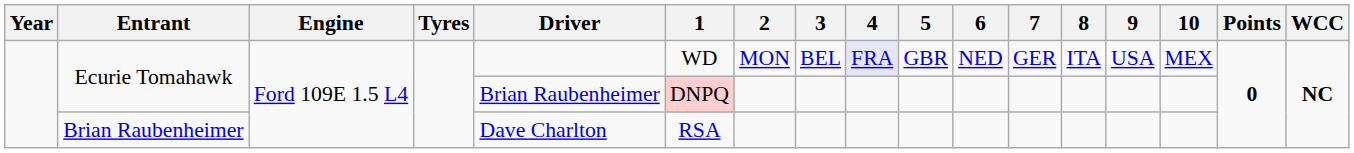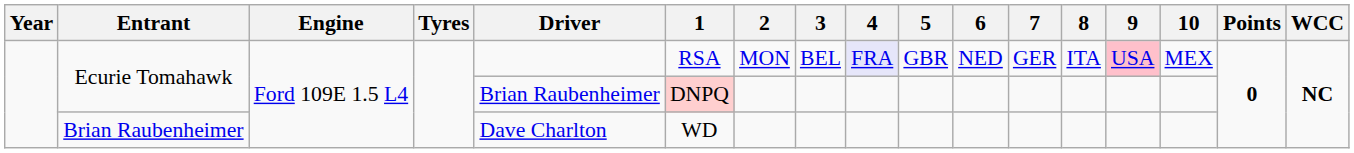 <table class="wikitable" style="text-align:center; font-size:95%">
 <tr>
 <th>Year</th>
 <th>Entrant</th>
 <th>Engine</th>
 <th>Tyres</th>
 <th>Driver</th>
 <th>1</th>
 <th>2</th>
 <th>3</th>
 <th>4</th>
 <th>5</th>
 <th>6</th>
 <th>7</th>
 <th>8</th>
 <th>9</th>
 <th>10</th>
 <th>Points</th>
 <th>WCC</th>
 </tr>
 <tr>
 <td rowspan="3"></td>
 <td rowspan="2">Ecurie Tomahawk</td>
 <td rowspan="3"><a href='#'>Ford</a> 109E 1.5 <a href='#'>L4</a></td>
 <td rowspan="3"></td>
 <td></td>
-<td whcolor="#FFCFCF">WD</td>
+<td><a href='#'>RSA</a></td>
 <td><a href='#'>MON</a></td>
 <td><a href='#'>BEL</a></td>
 <td style="background: lavender;"><a href='#'>FRA</a></td>
 <td><a href='#'>GBR</a></td>
 <td><a href='#'>NED</a></td>
 <td><a href='#'>GER</a></td>
 <td><a href='#'>ITA</a></td>
-<td><a href='#'>USA</a></td>
+<td style="background: pink;"><a href='#'>USA</a></td>
 <td><a href='#'>MEX</a></td>
 <td rowspan="3"><strong>0</strong></td>
 <td rowspan="3"><strong>NC</strong></td>
 </tr>
 <tr>
 <td align="left"> <a href='#'>Brian Raubenheimer</a></td>
 <td style="background:#FFCFCF;">DNPQ</td>
 <td></td>
 <td></td>
 <td></td>
 <td></td>
 <td></td>
 <td></td>
 <td></td>
 <td></td>
 <td></td>
 </tr>
 <tr>
 <td><a href='#'>Brian Raubenheimer</a></td>
 <td align="left"> <a href='#'>Dave Charlton</a></td>
-<td><a href='#'>RSA</a></td>
+<td whcolor="#FFCFCF">WD</td>
 <td></td>
 <td></td>
 <td></td>
 <td></td>
 <td></td>
 <td></td>
 <td></td>
 <td></td>
 <td></td>
 </tr>
 </table>
